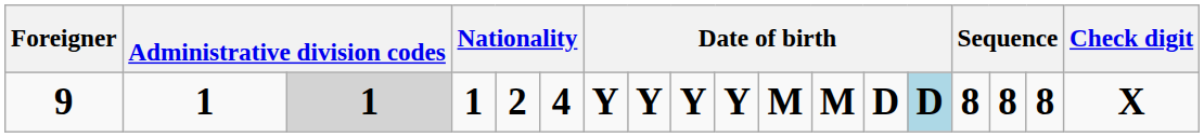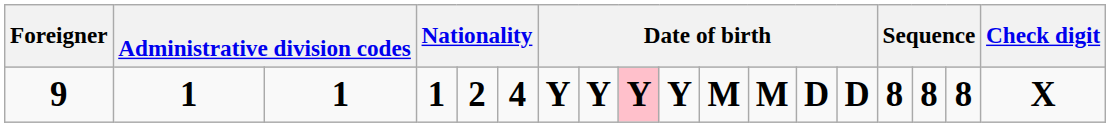 <table class="wikitable">
 <tr>
 <th>Foreigner</th>
 <th colspan="2" align="center"><br><a href='#'>Administrative division codes</a></th>
 <th colspan="3"><a href='#'>Nationality</a></th>
 <th colspan="8">Date of birth</th>
 <th colspan="3">Sequence</th>
 <th><a href='#'>Check digit</a></th>
 </tr>
 <tr>
 <td align="center" style="font-size:x-large"><strong>9</strong></td>
 <td align="center" style="font-size:x-large"><strong>1</strong></td>
-<td align="center" style="background: lightgrey; font-size:x-large"><strong>1</strong></td>
+<td align="center" style="font-size:x-large"><strong>1</strong></td>
 <td align="center" style="font-size:x-large"><strong>1</strong></td>
 <td align="center" style="font-size:x-large"><strong>2</strong></td>
 <td align="center" style="font-size:x-large"><strong>4</strong></td>
 <td align="center" style="font-size:x-large"><strong>Y</strong></td>
 <td align="center" style="font-size:x-large"><strong>Y</strong></td>
-<td align="center" style="font-size:x-large"><strong>Y</strong></td>
+<td align="center" style="background: pink; font-size:x-large"><strong>Y</strong></td>
 <td align="center" style="font-size:x-large"><strong>Y</strong></td>
 <td align="center" style="font-size:x-large"><strong>M</strong></td>
 <td align="center" style="font-size:x-large"><strong>M</strong></td>
 <td align="center" style="font-size:x-large"><strong>D</strong></td>
-<td align="center" style="background: lightblue; font-size:x-large"><strong>D</strong></td>
+<td align="center" style="font-size:x-large"><strong>D</strong></td>
 <td align="center" style="font-size:x-large"><strong>8</strong></td>
 <td align="center" style="font-size:x-large"><strong>8</strong></td>
 <td align="center" style="font-size:x-large"><strong>8</strong></td>
 <td align="center" style="font-size:x-large"><strong>X</strong></td>
 </tr>
 </table>
